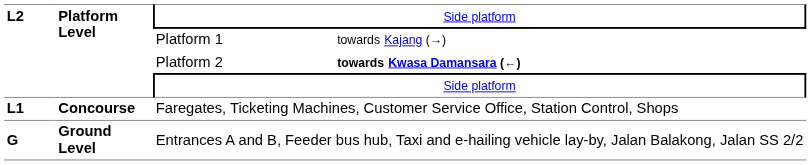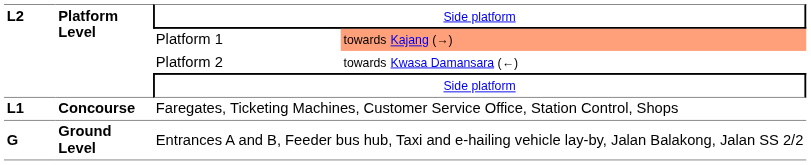 <table border="0" cellspacing="0" cellpadding="3">
 <tr>
 <td rowspan="4" width="50" valign="top" style="border-top:solid 1px gray;border-bottom:solid 1px gray;"><strong>L2</strong></td>
 <td rowspan="4" width="100" valign="top" style="border-top:solid 1px gray;border-bottom:solid 1px gray;"><strong>Platform Level</strong></td>
 <td colspan="2" style="width=500;border-top:solid 1px gray;border-right:solid 2px black;border-left:solid 2px black;border-bottom:solid 2px black;text-align:center;"><small><a href='#'>Side platform</a></small></td>
 </tr>
 <tr>
 <td>Platform 1</td>
-<td>  <small>towards</small>  <small><a href='#'>Kajang</a> (→)</small></td>
+<td style="background: lightsalmon;">  <small>towards</small>  <small><a href='#'>Kajang</a> (→)</small></td>
 </tr>
 <tr>
 <td>Platform 2</td>
-<td><strong>  <small>towards</small>  <small><a href='#'>Kwasa Damansara</a> (←)</small></strong></td>
+<td>  <small>towards</small>  <small><a href='#'>Kwasa Damansara</a> (←)</small></td>
 </tr>
 <tr>
 <td colspan="2" style="width=500;border-top:solid 2px black;border-right:solid 2px black;border-left:solid 2px black;border-bottom:solid 1px gray;text-align:center;"><small><a href='#'>Side platform</a></small></td>
 </tr>
 <tr style="vertical-align:top;">
 <td style="border-bottom:solid 1px gray; "><strong>L1</strong></td>
 <td style="border-bottom:solid 1px gray; "><strong>Concourse</strong></td>
 <td colspan="2" width="500" style="border-bottom:solid 1px gray; ">Faregates, Ticketing Machines, Customer Service Office, Station Control, Shops</td>
 </tr>
 <tr>
 <td style="border-bottom:solid 1px gray; "><strong>G</strong></td>
 <td style="border-bottom:solid 1px gray; "><strong>Ground Level</strong></td>
 <td colspan="2" style="border-bottom:solid 1px gray; ">Entrances A and B, Feeder bus hub, Taxi and e-hailing vehicle lay-by, Jalan Balakong, Jalan SS 2/2</td>
 </tr>
 </table>
